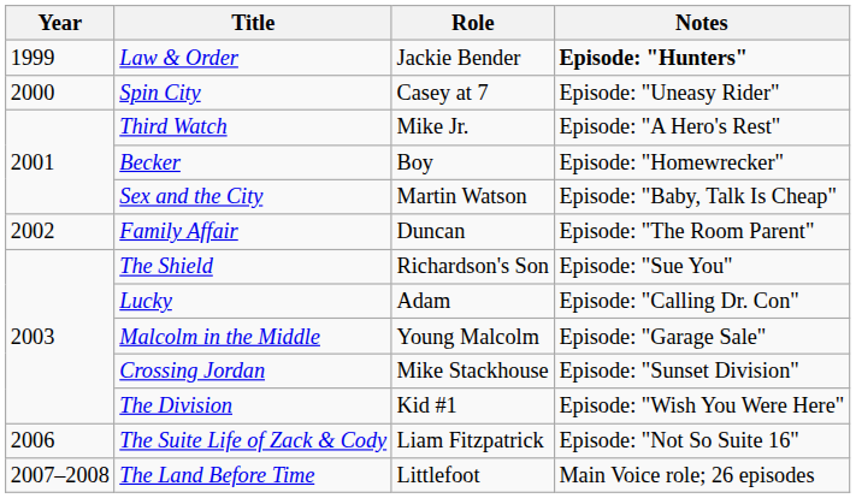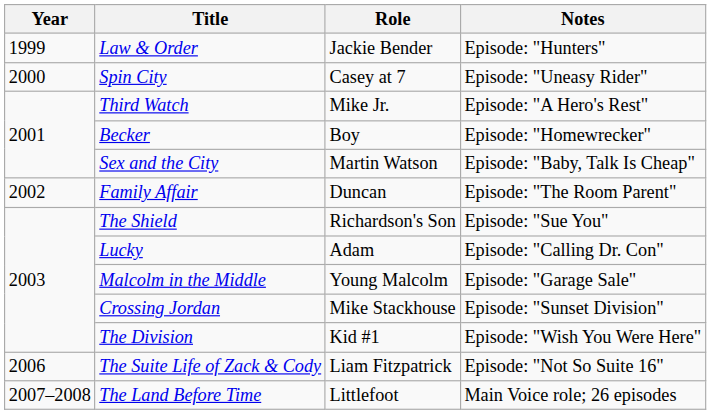 <table class="wikitable sortable">
 <tr>
 <th>Year</th>
 <th>Title</th>
 <th>Role</th>
 <th>Notes</th>
 </tr>
 <tr>
 <td>1999</td>
 <td><em><a href='#'>Law & Order</a></em></td>
 <td>Jackie Bender</td>
-<td><strong>Episode: "Hunters"</strong></td>
+<td>Episode: "Hunters"</td>
 </tr>
 <tr>
 <td>2000</td>
 <td><em><a href='#'>Spin City</a></em></td>
 <td>Casey at 7</td>
 <td>Episode: "Uneasy Rider"</td>
 </tr>
 <tr>
 <td rowspan=3>2001</td>
 <td><em><a href='#'>Third Watch</a></em></td>
 <td>Mike Jr.</td>
 <td>Episode: "A Hero's Rest"</td>
 </tr>
 <tr>
 <td><em><a href='#'>Becker</a></em></td>
 <td>Boy</td>
 <td>Episode: "Homewrecker"</td>
 </tr>
 <tr>
 <td><em><a href='#'>Sex and the City</a></em></td>
 <td>Martin Watson</td>
 <td>Episode: "Baby, Talk Is Cheap"</td>
 </tr>
 <tr>
 <td>2002</td>
 <td><em><a href='#'>Family Affair</a></em></td>
 <td>Duncan</td>
 <td>Episode: "The Room Parent"</td>
 </tr>
 <tr>
 <td rowspan=5>2003</td>
 <td><em><a href='#'>The Shield</a></em></td>
 <td>Richardson's Son</td>
 <td>Episode: "Sue You"</td>
 </tr>
 <tr>
 <td><em><a href='#'>Lucky</a></em></td>
 <td>Adam</td>
 <td>Episode: "Calling Dr. Con"</td>
 </tr>
 <tr>
 <td><em><a href='#'>Malcolm in the Middle</a></em></td>
 <td>Young Malcolm</td>
 <td>Episode: "Garage Sale"</td>
 </tr>
 <tr>
 <td><em><a href='#'>Crossing Jordan</a></em></td>
 <td>Mike Stackhouse</td>
 <td>Episode: "Sunset Division"</td>
 </tr>
 <tr>
 <td><em><a href='#'>The Division</a></em></td>
 <td>Kid #1</td>
 <td>Episode: "Wish You Were Here"</td>
 </tr>
 <tr>
 <td>2006</td>
 <td><em><a href='#'>The Suite Life of Zack & Cody</a></em></td>
 <td>Liam Fitzpatrick</td>
 <td>Episode: "Not So Suite 16"</td>
 </tr>
 <tr>
 <td>2007–2008</td>
 <td><em><a href='#'>The Land Before Time</a></em></td>
 <td>Littlefoot</td>
 <td>Main Voice role; 26 episodes</td>
 </tr>
 </table>
